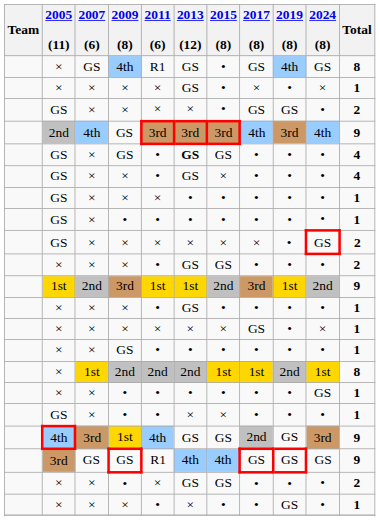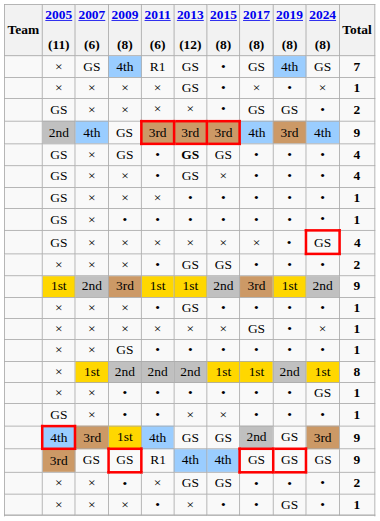 <table class="wikitable">
 <tr style="background:#cccccc;" align=center>
 <th>Team</th>
 <th><a href='#'>2005</a><br><br>(11)</th>
 <th><a href='#'>2007</a><br><br>(6)</th>
 <th><a href='#'>2009</a><br><br>(8)</th>
 <th><a href='#'>2011</a><br><br>(6)</th>
 <th><a href='#'>2013</a><br><br>(12)</th>
 <th><a href='#'>2015</a><br><br>(8)</th>
 <th><a href='#'>2017</a><br><br>(8)</th>
 <th><a href='#'>2019</a><br><br>(8)</th>
 <th><a href='#'>2024</a><br><br>(8)</th>
 <th>Total</th>
 </tr>
 <tr align=center>
 <td align=left></td>
 <td>×</td>
 <td>GS</td>
 <td bgcolor=#9acdff>4th</td>
 <td>R1</td>
 <td>GS</td>
 <td>•</td>
 <td>GS</td>
 <td bgcolor=#9acdff>4th</td>
 <td>GS</td>
-<td><strong>8</strong></td>
+<td><strong>7</strong></td>
 </tr>
 <tr align=center>
 <td align=left></td>
 <td>×</td>
 <td>×</td>
 <td>×</td>
 <td>×</td>
 <td>GS</td>
 <td>•</td>
 <td>×</td>
 <td>•</td>
 <td>×</td>
 <td><strong>1</strong></td>
 </tr>
 <tr align=center>
 <td align=left></td>
 <td>GS</td>
 <td>×</td>
 <td>×</td>
 <td>×</td>
 <td>×</td>
 <td>•</td>
 <td>GS</td>
 <td>GS</td>
 <td>•</td>
 <td><strong>2</strong></td>
 </tr>
 <tr align=center>
 <td align=left></td>
 <td bgcolor=silver>2nd</td>
 <td bgcolor=#9acdff>4th</td>
 <td>GS</td>
 <td style="border: 3px solid red" bgcolor=#cc9966>3rd</td>
 <td style="border: 3px solid red" bgcolor=#cc9966>3rd</td>
 <td style="border: 3px solid red" bgcolor=#cc9966>3rd</td>
 <td bgcolor=#9acdff>4th</td>
 <td bgcolor=#cc9966>3rd</td>
 <td bgcolor=#9acdff>4th</td>
 <td><strong>9</strong></td>
 </tr>
 <tr align=center>
 <td align=left></td>
 <td>GS</td>
 <td>×</td>
 <td>GS</td>
 <td>•</td>
 <td><strong>GS</strong></td>
 <td>GS</td>
 <td>•</td>
 <td>•</td>
 <td>•</td>
 <td><strong>4</strong></td>
 </tr>
 <tr align=center>
 <td align=left></td>
 <td>GS</td>
 <td>×</td>
 <td>×</td>
 <td>•</td>
 <td>GS</td>
 <td>×</td>
 <td>•</td>
 <td>•</td>
 <td>•</td>
 <td><strong>4</strong></td>
 </tr>
 <tr align=center>
 <td align=left></td>
 <td>GS</td>
 <td>×</td>
 <td>×</td>
 <td>×</td>
 <td>•</td>
 <td>•</td>
 <td>•</td>
 <td>•</td>
 <td>•</td>
 <td><strong>1</strong></td>
 </tr>
 <tr align=center>
 <td align=left></td>
 <td>GS</td>
 <td>×</td>
 <td>•</td>
 <td>•</td>
 <td>•</td>
 <td>•</td>
 <td>•</td>
 <td>•</td>
 <td>•</td>
 <td><strong>1</strong></td>
 </tr>
 <tr align=center>
 <td align=left></td>
 <td>GS</td>
 <td>×</td>
 <td>×</td>
 <td>×</td>
 <td>×</td>
 <td>×</td>
 <td>×</td>
 <td>•</td>
 <td style="border: 3px solid red">GS</td>
-<td><strong>2</strong></td>
+<td><strong>4</strong></td>
 </tr>
 <tr align=center>
 <td align=left></td>
 <td>×</td>
 <td>×</td>
 <td>×</td>
 <td>•</td>
 <td>GS</td>
 <td>GS</td>
 <td>•</td>
 <td>•</td>
 <td>•</td>
 <td><strong>2</strong></td>
 </tr>
 <tr align=center>
 <td align=left></td>
 <td bgcolor=gold>1st</td>
 <td bgcolor=silver>2nd</td>
 <td bgcolor=#cc9966>3rd</td>
 <td bgcolor=gold>1st</td>
 <td bgcolor=gold>1st</td>
 <td bgcolor=silver>2nd</td>
 <td bgcolor=#cc9966>3rd</td>
 <td bgcolor=gold>1st</td>
 <td bgcolor=silver>2nd</td>
 <td><strong>9</strong></td>
 </tr>
 <tr align=center>
 <td align=left></td>
 <td>×</td>
 <td>×</td>
 <td>×</td>
 <td>•</td>
 <td>GS</td>
 <td>•</td>
 <td>•</td>
 <td>•</td>
 <td>•</td>
 <td><strong>1</strong></td>
 </tr>
 <tr align=center>
 <td align=left></td>
 <td>×</td>
 <td>×</td>
 <td>×</td>
 <td>×</td>
 <td>×</td>
 <td>×</td>
 <td>GS</td>
 <td>•</td>
 <td>×</td>
 <td><strong>1</strong></td>
 </tr>
 <tr align=center>
 <td align=left></td>
 <td>×</td>
 <td>×</td>
 <td>GS</td>
 <td>•</td>
 <td>•</td>
 <td>•</td>
 <td>•</td>
 <td>•</td>
 <td>•</td>
 <td><strong>1</strong></td>
 </tr>
 <tr align=center>
 <td align=left></td>
 <td>×</td>
 <td bgcolor=gold>1st</td>
 <td bgcolor=silver>2nd</td>
 <td bgcolor=silver>2nd</td>
 <td bgcolor=silver>2nd</td>
 <td bgcolor=gold>1st</td>
 <td bgcolor=gold>1st</td>
 <td bgcolor=silver>2nd</td>
 <td bgcolor=gold>1st</td>
 <td><strong>8</strong></td>
 </tr>
 <tr align=center>
 <td align=left></td>
 <td>×</td>
 <td>×</td>
 <td>•</td>
 <td>•</td>
 <td>•</td>
 <td>•</td>
 <td>•</td>
 <td>•</td>
 <td>GS</td>
 <td><strong>1</strong></td>
 </tr>
 <tr align=center>
 <td align=left></td>
 <td>GS</td>
 <td>×</td>
 <td>•</td>
 <td>•</td>
 <td>×</td>
 <td>×</td>
 <td>•</td>
 <td>•</td>
 <td>•</td>
 <td><strong>1</strong></td>
 </tr>
 <tr align=center>
 <td align=left></td>
 <td style="border: 3px solid red" bgcolor=#9acdff>4th</td>
 <td bgcolor=#cc9966>3rd</td>
 <td bgcolor=gold>1st</td>
 <td bgcolor=#9acdff>4th</td>
 <td>GS</td>
 <td>GS</td>
 <td bgcolor=silver>2nd</td>
 <td>GS</td>
 <td bgcolor=#cc9966>3rd</td>
 <td><strong>9</strong></td>
 </tr>
 <tr align=center>
 <td align=left></td>
 <td bgcolor=#cc9966>3rd</td>
 <td>GS</td>
 <td style="border: 3px solid red">GS</td>
 <td>R1</td>
 <td bgcolor=#9acdff>4th</td>
 <td bgcolor=#9acdff>4th</td>
 <td style="border: 3px solid red">GS</td>
 <td style="border: 3px solid red">GS</td>
 <td>GS</td>
 <td><strong>9</strong></td>
 </tr>
 <tr align=center>
 <td align=left></td>
 <td>×</td>
 <td>×</td>
 <td>•</td>
 <td>×</td>
 <td>GS</td>
 <td>GS</td>
 <td>•</td>
 <td>•</td>
 <td>•</td>
 <td><strong>2</strong></td>
 </tr>
 <tr align=center>
 <td align=left></td>
 <td>×</td>
 <td>×</td>
 <td>×</td>
 <td>•</td>
 <td>×</td>
 <td>•</td>
 <td>•</td>
 <td>GS</td>
 <td>•</td>
 <td><strong>1</strong></td>
 </tr>
 <tr align=center>
 </tr>
 <tr align=center>
 </tr>
 </table>
